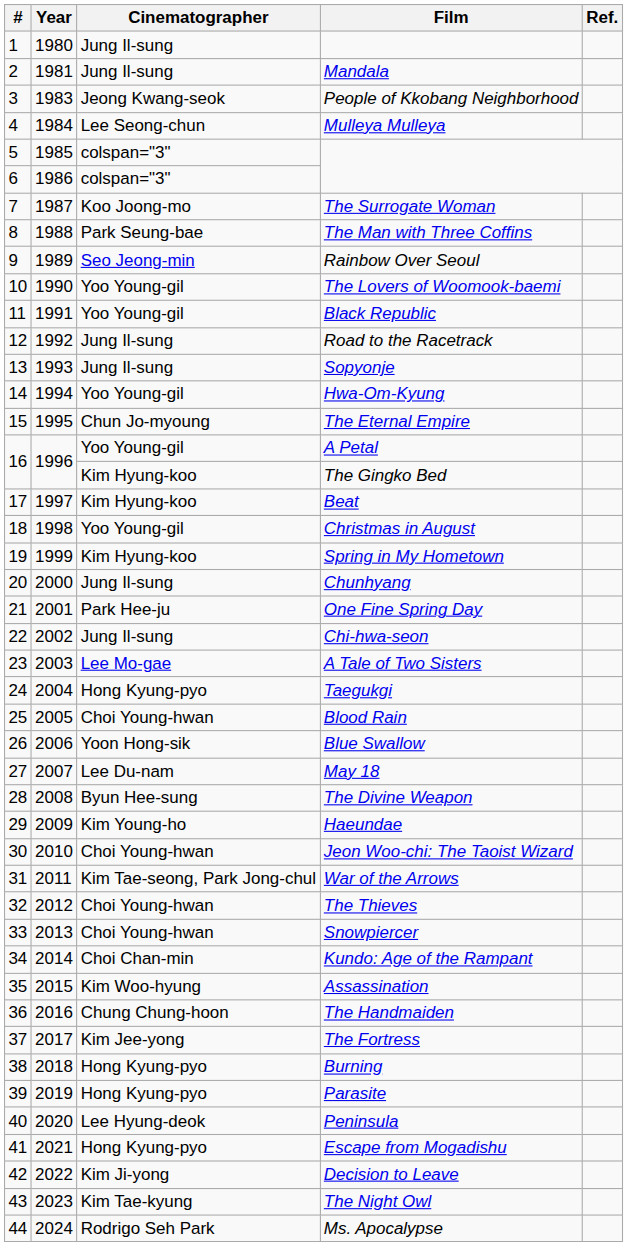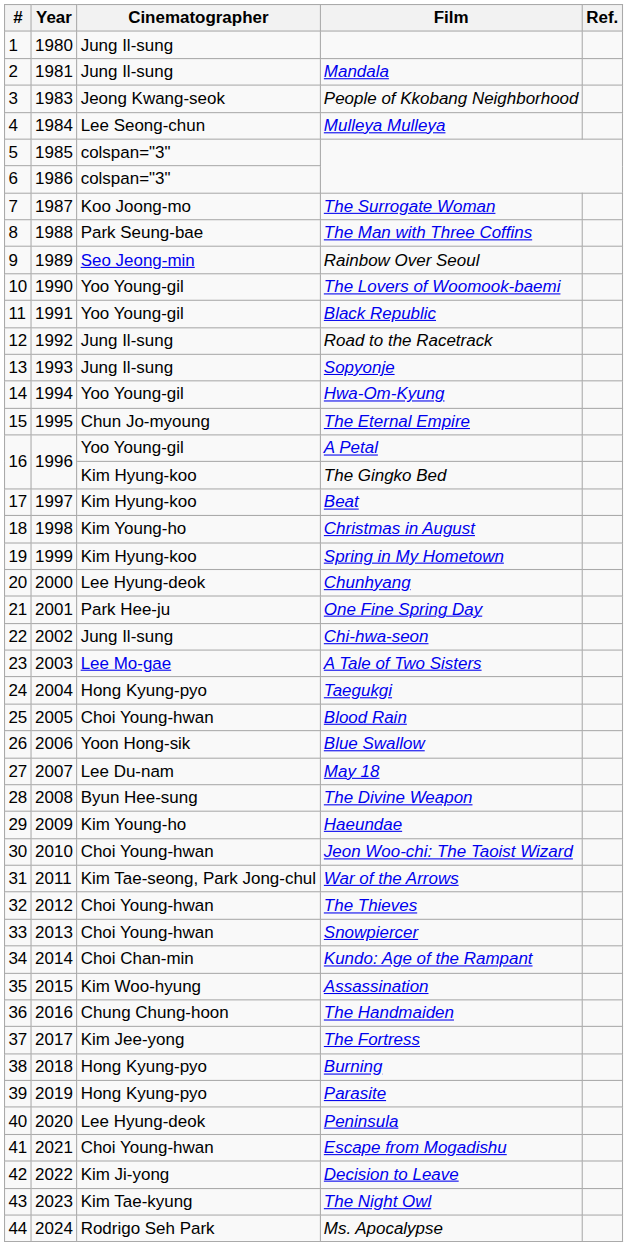 <table class="wikitable">
 <tr>
 <th>#</th>
 <th>Year</th>
 <th>Cinematographer</th>
 <th>Film</th>
 <th>Ref.</th>
 </tr>
 <tr>
 <td>1</td>
 <td>1980</td>
 <td>Jung Il-sung</td>
 <td></td>
 <td></td>
 </tr>
 <tr>
 <td>2</td>
 <td>1981</td>
 <td>Jung Il-sung</td>
 <td><em><a href='#'>Mandala</a></em></td>
 <td></td>
 </tr>
 <tr>
 <td>3</td>
 <td>1983</td>
 <td>Jeong Kwang-seok</td>
 <td><em>People of Kkobang Neighborhood</em></td>
 <td></td>
 </tr>
 <tr>
 <td>4</td>
 <td>1984</td>
 <td>Lee Seong-chun</td>
 <td><em><a href='#'>Mulleya Mulleya</a></em></td>
 <td></td>
 </tr>
 <tr>
 <td>5</td>
 <td>1985</td>
 <td>colspan="3" </td>
 </tr>
 <tr>
 <td>6</td>
 <td>1986</td>
 <td>colspan="3" </td>
 </tr>
 <tr>
 <td>7</td>
 <td>1987</td>
 <td>Koo Joong-mo</td>
 <td><em><a href='#'>The Surrogate Woman</a></em></td>
 <td></td>
 </tr>
 <tr>
 <td>8</td>
 <td>1988</td>
 <td>Park Seung-bae</td>
 <td><em><a href='#'>The Man with Three Coffins</a></em></td>
 <td></td>
 </tr>
 <tr>
 <td>9</td>
 <td>1989</td>
 <td><a href='#'>Seo Jeong-min</a></td>
 <td><em>Rainbow Over Seoul</em></td>
 <td></td>
 </tr>
 <tr>
 <td>10</td>
 <td>1990</td>
 <td>Yoo Young-gil</td>
 <td><em><a href='#'>The Lovers of Woomook-baemi</a></em></td>
 <td></td>
 </tr>
 <tr>
 <td>11</td>
 <td>1991</td>
 <td>Yoo Young-gil</td>
 <td><em><a href='#'>Black Republic</a></em></td>
 <td></td>
 </tr>
 <tr>
 <td>12</td>
 <td>1992</td>
 <td>Jung Il-sung</td>
 <td><em>Road to the Racetrack</em></td>
 <td></td>
 </tr>
 <tr>
 <td>13</td>
 <td>1993</td>
 <td>Jung Il-sung</td>
 <td><em><a href='#'>Sopyonje</a></em></td>
 <td></td>
 </tr>
 <tr>
 <td>14</td>
 <td>1994</td>
 <td>Yoo Young-gil</td>
 <td><em><a href='#'>Hwa-Om-Kyung</a></em></td>
 <td></td>
 </tr>
 <tr>
 <td>15</td>
 <td>1995</td>
 <td>Chun Jo-myoung</td>
 <td><em><a href='#'>The Eternal Empire</a></em></td>
 <td></td>
 </tr>
 <tr>
 <td rowspan=2>16</td>
 <td rowspan=2>1996</td>
 <td>Yoo Young-gil</td>
 <td><em><a href='#'>A Petal</a></em></td>
 <td></td>
 </tr>
 <tr>
 <td>Kim Hyung-koo</td>
 <td><em>The Gingko Bed</em></td>
 <td></td>
 </tr>
 <tr>
 <td>17</td>
 <td>1997</td>
 <td>Kim Hyung-koo</td>
 <td><em><a href='#'>Beat</a></em></td>
 <td></td>
 </tr>
 <tr>
 <td>18</td>
 <td>1998</td>
-<td>Yoo Young-gil</td>
+<td>Kim Young-ho</td>
 <td><em><a href='#'>Christmas in August</a></em></td>
 <td></td>
 </tr>
 <tr>
 <td>19</td>
 <td>1999</td>
 <td>Kim Hyung-koo</td>
 <td><em><a href='#'>Spring in My Hometown</a></em></td>
 <td></td>
 </tr>
 <tr>
 <td>20</td>
 <td>2000</td>
-<td>Jung Il-sung</td>
+<td>Lee Hyung-deok</td>
 <td><em><a href='#'>Chunhyang</a></em></td>
 <td></td>
 </tr>
 <tr>
 <td>21</td>
 <td>2001</td>
 <td>Park Hee-ju</td>
 <td><em><a href='#'>One Fine Spring Day</a></em></td>
 <td></td>
 </tr>
 <tr>
 <td>22</td>
 <td>2002</td>
 <td>Jung Il-sung</td>
 <td><em><a href='#'>Chi-hwa-seon</a></em></td>
 <td></td>
 </tr>
 <tr>
 <td>23</td>
 <td>2003</td>
 <td><a href='#'>Lee Mo-gae</a></td>
 <td><em><a href='#'>A Tale of Two Sisters</a></em></td>
 <td></td>
 </tr>
 <tr>
 <td>24</td>
 <td>2004</td>
 <td>Hong Kyung-pyo</td>
 <td><em><a href='#'>Taegukgi</a></em></td>
 <td></td>
 </tr>
 <tr>
 <td>25</td>
 <td>2005</td>
 <td>Choi Young-hwan</td>
 <td><em><a href='#'>Blood Rain</a></em></td>
 <td></td>
 </tr>
 <tr>
 <td>26</td>
 <td>2006</td>
 <td>Yoon Hong-sik</td>
 <td><em><a href='#'>Blue Swallow</a></em></td>
 <td></td>
 </tr>
 <tr>
 <td>27</td>
 <td>2007</td>
 <td>Lee Du-nam</td>
 <td><em><a href='#'>May 18</a></em></td>
 <td></td>
 </tr>
 <tr>
 <td>28</td>
 <td>2008</td>
 <td>Byun Hee-sung</td>
 <td><em><a href='#'>The Divine Weapon</a></em></td>
 <td></td>
 </tr>
 <tr>
 <td>29</td>
 <td>2009</td>
 <td>Kim Young-ho</td>
 <td><em><a href='#'>Haeundae</a></em></td>
 <td></td>
 </tr>
 <tr>
 <td>30</td>
 <td>2010</td>
 <td>Choi Young-hwan</td>
 <td><em><a href='#'>Jeon Woo-chi: The Taoist Wizard</a></em></td>
 <td></td>
 </tr>
 <tr>
 <td>31</td>
 <td>2011</td>
 <td>Kim Tae-seong, Park Jong-chul</td>
 <td><em><a href='#'>War of the Arrows</a></em></td>
 <td></td>
 </tr>
 <tr>
 <td>32</td>
 <td>2012</td>
 <td>Choi Young-hwan</td>
 <td><em><a href='#'>The Thieves</a></em></td>
 <td></td>
 </tr>
 <tr>
 <td>33</td>
 <td>2013</td>
 <td>Choi Young-hwan</td>
 <td><em><a href='#'>Snowpiercer</a></em></td>
 <td></td>
 </tr>
 <tr>
 <td>34</td>
 <td>2014</td>
 <td>Choi Chan-min</td>
 <td><em><a href='#'>Kundo: Age of the Rampant</a></em></td>
 <td></td>
 </tr>
 <tr>
 <td>35</td>
 <td>2015</td>
 <td>Kim Woo-hyung</td>
 <td><em><a href='#'>Assassination</a></em></td>
 <td></td>
 </tr>
 <tr>
 <td>36</td>
 <td>2016</td>
 <td>Chung Chung-hoon</td>
 <td><em><a href='#'>The Handmaiden</a></em></td>
 <td></td>
 </tr>
 <tr>
 <td>37</td>
 <td>2017</td>
 <td>Kim Jee-yong</td>
 <td><em><a href='#'>The Fortress</a></em></td>
 <td></td>
 </tr>
 <tr>
 <td>38</td>
 <td>2018</td>
 <td>Hong Kyung-pyo</td>
 <td><em><a href='#'>Burning</a></em></td>
 <td></td>
 </tr>
 <tr>
 <td>39</td>
 <td>2019</td>
 <td>Hong Kyung-pyo</td>
 <td><em><a href='#'>Parasite</a></em></td>
 <td></td>
 </tr>
 <tr>
 <td>40</td>
 <td>2020</td>
 <td>Lee Hyung-deok</td>
 <td><em><a href='#'>Peninsula</a></em></td>
 <td></td>
 </tr>
 <tr>
 <td>41</td>
 <td>2021</td>
-<td>Hong Kyung-pyo</td>
+<td>Choi Young-hwan</td>
 <td><em><a href='#'>Escape from Mogadishu</a></em></td>
 <td></td>
 </tr>
 <tr>
 <td>42</td>
 <td>2022</td>
 <td>Kim Ji-yong</td>
 <td><em><a href='#'>Decision to Leave</a></em></td>
 <td></td>
 </tr>
 <tr>
 <td>43</td>
 <td>2023</td>
 <td>Kim Tae-kyung</td>
 <td><em><a href='#'>The Night Owl</a></em></td>
 <td></td>
 </tr>
 <tr>
 <td>44</td>
 <td>2024</td>
 <td>Rodrigo Seh Park</td>
 <td><em>Ms. Apocalypse</em></td>
 <td></td>
 </tr>
 <tr>
 </tr>
 </table>
